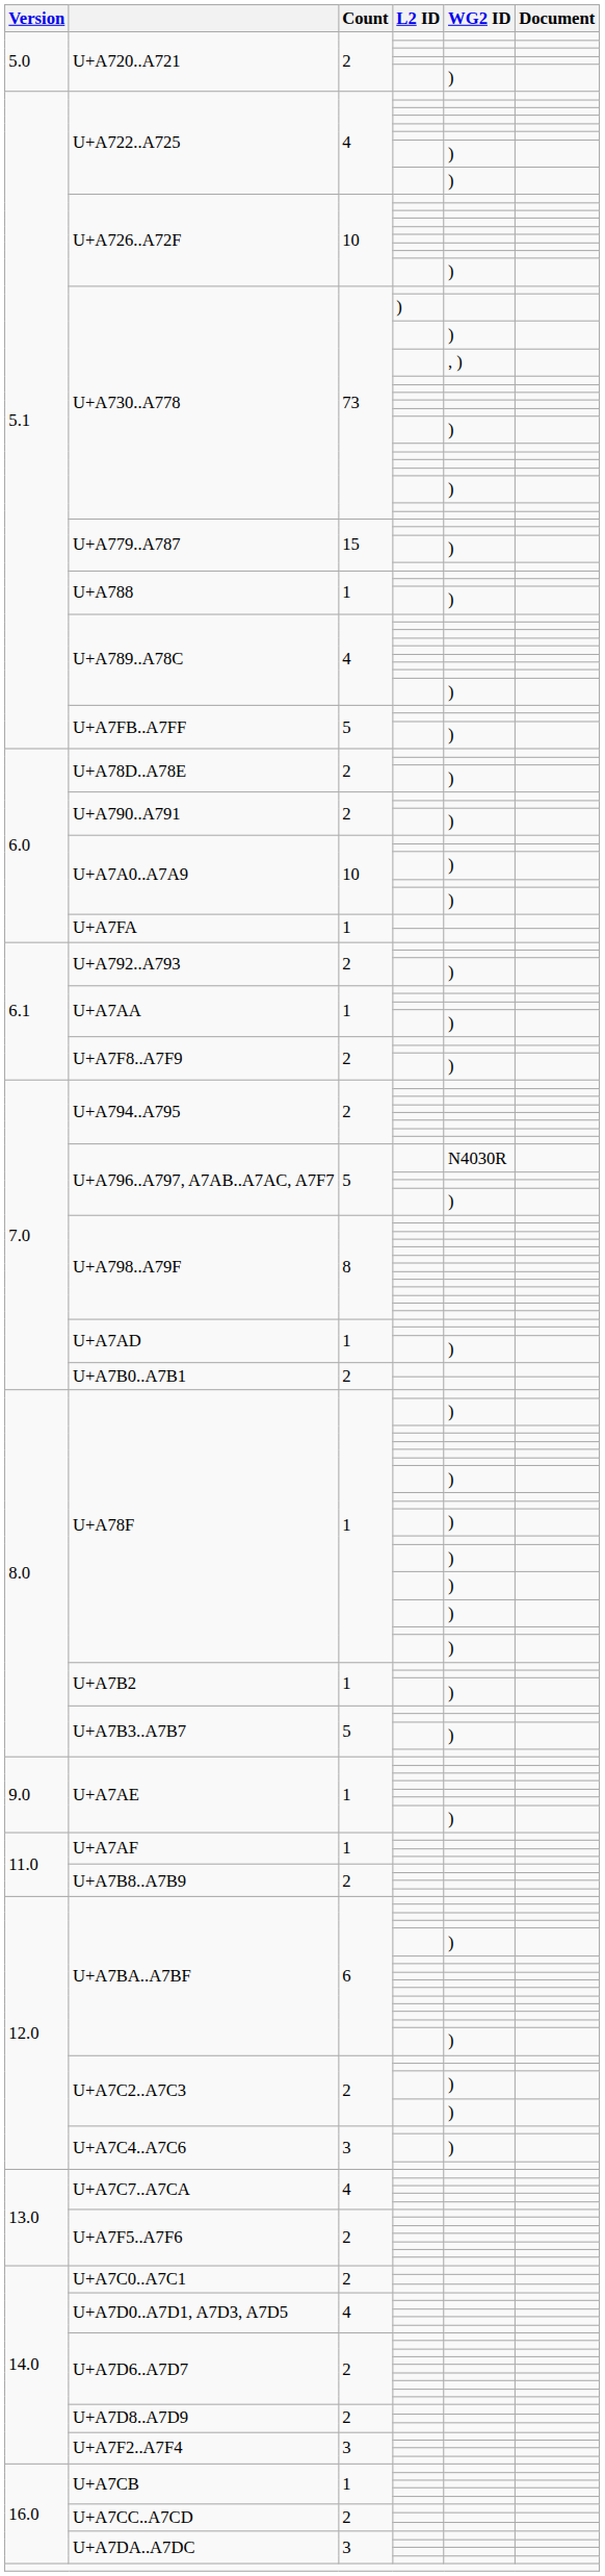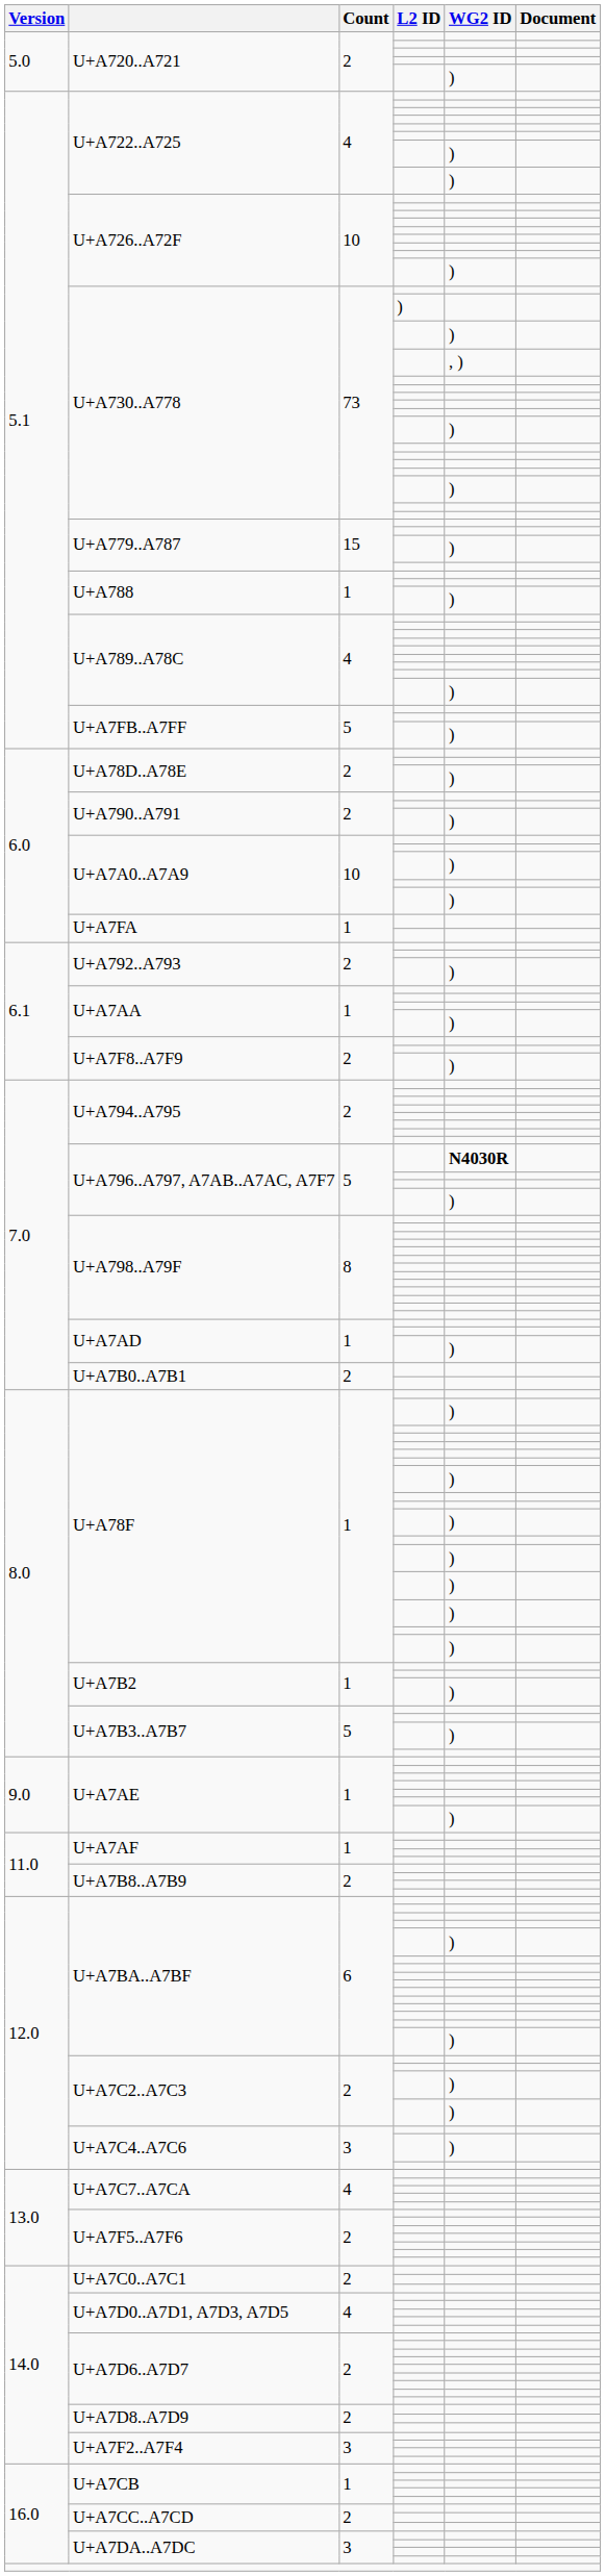 <table class="wikitable collapsible collapsed sticky-header">
 <tr>
 <th><a href='#'>Version</a></th>
 <th></th>
 <th>Count</th>
 <th><a href='#'>L2</a> ID</th>
 <th><a href='#'>WG2</a> ID</th>
 <th>Document</th>
 </tr>
 <tr>
 <td rowspan="5">5.0</td>
 <td rowspan="5">U+A720..A721</td>
 <td rowspan="5">2</td>
 <td></td>
 <td></td>
 <td></td>
 </tr>
 <tr>
 <td></td>
 <td></td>
 <td></td>
 </tr>
 <tr>
 <td></td>
 <td></td>
 <td></td>
 </tr>
 <tr>
 <td></td>
 <td></td>
 <td></td>
 </tr>
 <tr>
 <td></td>
 <td> )</td>
 <td></td>
 </tr>
 <tr>
 <td rowspan="53">5.1</td>
 <td rowspan="8">U+A722..A725</td>
 <td rowspan="8">4</td>
 <td></td>
 <td></td>
 <td></td>
 </tr>
 <tr>
 <td></td>
 <td></td>
 <td></td>
 </tr>
 <tr>
 <td></td>
 <td></td>
 <td></td>
 </tr>
 <tr>
 <td></td>
 <td></td>
 <td></td>
 </tr>
 <tr>
 <td></td>
 <td></td>
 <td></td>
 </tr>
 <tr>
 <td></td>
 <td></td>
 <td></td>
 </tr>
 <tr>
 <td></td>
 <td> )</td>
 <td></td>
 </tr>
 <tr>
 <td></td>
 <td> )</td>
 <td></td>
 </tr>
 <tr>
 <td rowspan="9">U+A726..A72F</td>
 <td rowspan="9">10</td>
 <td></td>
 <td></td>
 <td></td>
 </tr>
 <tr>
 <td></td>
 <td></td>
 <td></td>
 </tr>
 <tr>
 <td></td>
 <td></td>
 <td></td>
 </tr>
 <tr>
 <td></td>
 <td></td>
 <td></td>
 </tr>
 <tr>
 <td></td>
 <td></td>
 <td></td>
 </tr>
 <tr>
 <td></td>
 <td></td>
 <td></td>
 </tr>
 <tr>
 <td></td>
 <td></td>
 <td></td>
 </tr>
 <tr>
 <td></td>
 <td></td>
 <td></td>
 </tr>
 <tr>
 <td></td>
 <td> )</td>
 <td></td>
 </tr>
 <tr>
 <td rowspan="17">U+A730..A778</td>
 <td rowspan="17">73</td>
 <td></td>
 <td></td>
 <td></td>
 </tr>
 <tr>
 <td> )</td>
 <td></td>
 <td></td>
 </tr>
 <tr>
 <td></td>
 <td> )</td>
 <td></td>
 </tr>
 <tr>
 <td></td>
 <td> , )</td>
 <td></td>
 </tr>
 <tr>
 <td></td>
 <td></td>
 <td></td>
 </tr>
 <tr>
 <td></td>
 <td></td>
 <td></td>
 </tr>
 <tr>
 <td></td>
 <td></td>
 <td></td>
 </tr>
 <tr>
 <td></td>
 <td></td>
 <td></td>
 </tr>
 <tr>
 <td></td>
 <td></td>
 <td></td>
 </tr>
 <tr>
 <td></td>
 <td> )</td>
 <td></td>
 </tr>
 <tr>
 <td></td>
 <td></td>
 <td></td>
 </tr>
 <tr>
 <td></td>
 <td></td>
 <td></td>
 </tr>
 <tr>
 <td></td>
 <td></td>
 <td></td>
 </tr>
 <tr>
 <td></td>
 <td></td>
 <td></td>
 </tr>
 <tr>
 <td></td>
 <td> )</td>
 <td></td>
 </tr>
 <tr>
 <td></td>
 <td></td>
 <td></td>
 </tr>
 <tr>
 <td></td>
 <td></td>
 <td></td>
 </tr>
 <tr>
 <td rowspan="4">U+A779..A787</td>
 <td rowspan="4">15</td>
 <td></td>
 <td></td>
 <td></td>
 </tr>
 <tr>
 <td></td>
 <td></td>
 <td></td>
 </tr>
 <tr>
 <td></td>
 <td> )</td>
 <td></td>
 </tr>
 <tr>
 <td></td>
 <td></td>
 <td></td>
 </tr>
 <tr>
 <td rowspan="3">U+A788</td>
 <td rowspan="3">1</td>
 <td></td>
 <td></td>
 <td></td>
 </tr>
 <tr>
 <td></td>
 <td></td>
 <td></td>
 </tr>
 <tr>
 <td></td>
 <td> )</td>
 <td></td>
 </tr>
 <tr>
 <td rowspan="9">U+A789..A78C</td>
 <td rowspan="9">4</td>
 <td></td>
 <td></td>
 <td></td>
 </tr>
 <tr>
 <td></td>
 <td></td>
 <td></td>
 </tr>
 <tr>
 <td></td>
 <td></td>
 <td></td>
 </tr>
 <tr>
 <td></td>
 <td></td>
 <td></td>
 </tr>
 <tr>
 <td></td>
 <td></td>
 <td></td>
 </tr>
 <tr>
 <td></td>
 <td></td>
 <td></td>
 </tr>
 <tr>
 <td></td>
 <td></td>
 <td></td>
 </tr>
 <tr>
 <td></td>
 <td></td>
 <td></td>
 </tr>
 <tr>
 <td></td>
 <td> )</td>
 <td></td>
 </tr>
 <tr>
 <td rowspan="3">U+A7FB..A7FF</td>
 <td rowspan="3">5</td>
 <td></td>
 <td></td>
 <td></td>
 </tr>
 <tr>
 <td></td>
 <td></td>
 <td></td>
 </tr>
 <tr>
 <td></td>
 <td> )</td>
 <td></td>
 </tr>
 <tr>
 <td rowspan="13">6.0</td>
 <td rowspan="3">U+A78D..A78E</td>
 <td rowspan="3">2</td>
 <td></td>
 <td></td>
 <td></td>
 </tr>
 <tr>
 <td></td>
 <td></td>
 <td></td>
 </tr>
 <tr>
 <td></td>
 <td> )</td>
 <td></td>
 </tr>
 <tr>
 <td rowspan="3">U+A790..A791</td>
 <td rowspan="3">2</td>
 <td></td>
 <td></td>
 <td></td>
 </tr>
 <tr>
 <td></td>
 <td></td>
 <td></td>
 </tr>
 <tr>
 <td></td>
 <td> )</td>
 <td></td>
 </tr>
 <tr>
 <td rowspan="5">U+A7A0..A7A9</td>
 <td rowspan="5">10</td>
 <td></td>
 <td></td>
 <td></td>
 </tr>
 <tr>
 <td></td>
 <td></td>
 <td></td>
 </tr>
 <tr>
 <td></td>
 <td> )</td>
 <td></td>
 </tr>
 <tr>
 <td></td>
 <td></td>
 <td></td>
 </tr>
 <tr>
 <td></td>
 <td> )</td>
 <td></td>
 </tr>
 <tr>
 <td rowspan="2">U+A7FA</td>
 <td rowspan="2">1</td>
 <td></td>
 <td></td>
 <td></td>
 </tr>
 <tr>
 <td></td>
 <td></td>
 <td></td>
 </tr>
 <tr>
 <td rowspan="10">6.1</td>
 <td rowspan="3">U+A792..A793</td>
 <td rowspan="3">2</td>
 <td></td>
 <td></td>
 <td></td>
 </tr>
 <tr>
 <td></td>
 <td></td>
 <td></td>
 </tr>
 <tr>
 <td></td>
 <td> )</td>
 <td></td>
 </tr>
 <tr>
 <td rowspan="4">U+A7AA</td>
 <td rowspan="4">1</td>
 <td></td>
 <td></td>
 <td></td>
 </tr>
 <tr>
 <td></td>
 <td></td>
 <td></td>
 </tr>
 <tr>
 <td></td>
 <td></td>
 <td></td>
 </tr>
 <tr>
 <td></td>
 <td> )</td>
 <td></td>
 </tr>
 <tr>
 <td rowspan="3">U+A7F8..A7F9</td>
 <td rowspan="3">2</td>
 <td></td>
 <td></td>
 <td></td>
 </tr>
 <tr>
 <td></td>
 <td></td>
 <td></td>
 </tr>
 <tr>
 <td></td>
 <td> )</td>
 <td></td>
 </tr>
 <tr>
 <td rowspan="30">7.0</td>
 <td rowspan="8">U+A794..A795</td>
 <td rowspan="8">2</td>
 <td></td>
 <td></td>
 <td></td>
 </tr>
 <tr>
 <td></td>
 <td></td>
 <td></td>
 </tr>
 <tr>
 <td></td>
 <td></td>
 <td></td>
 </tr>
 <tr>
 <td></td>
 <td></td>
 <td></td>
 </tr>
 <tr>
 <td></td>
 <td></td>
 <td></td>
 </tr>
 <tr>
 <td></td>
 <td></td>
 <td></td>
 </tr>
 <tr>
 <td></td>
 <td></td>
 <td></td>
 </tr>
 <tr>
 <td></td>
 <td></td>
 <td></td>
 </tr>
 <tr>
 <td rowspan="4">U+A796..A797, A7AB..A7AC, A7F7</td>
 <td rowspan="4">5</td>
 <td></td>
-<td>N4030R</td>
+<td><strong>N4030R</strong></td>
 <td></td>
 </tr>
 <tr>
 <td></td>
 <td></td>
 <td></td>
 </tr>
 <tr>
 <td></td>
 <td></td>
 <td></td>
 </tr>
 <tr>
 <td></td>
 <td> )</td>
 <td></td>
 </tr>
 <tr>
 <td rowspan="13">U+A798..A79F</td>
 <td rowspan="13">8</td>
 <td></td>
 <td></td>
 <td></td>
 </tr>
 <tr>
 <td></td>
 <td></td>
 <td></td>
 </tr>
 <tr>
 <td></td>
 <td></td>
 <td></td>
 </tr>
 <tr>
 <td></td>
 <td></td>
 <td></td>
 </tr>
 <tr>
 <td></td>
 <td></td>
 <td></td>
 </tr>
 <tr>
 <td></td>
 <td></td>
 <td></td>
 </tr>
 <tr>
 <td></td>
 <td></td>
 <td></td>
 </tr>
 <tr>
 <td></td>
 <td></td>
 <td></td>
 </tr>
 <tr>
 <td></td>
 <td></td>
 <td></td>
 </tr>
 <tr>
 <td></td>
 <td></td>
 <td></td>
 </tr>
 <tr>
 <td></td>
 <td></td>
 <td></td>
 </tr>
 <tr>
 <td></td>
 <td></td>
 <td></td>
 </tr>
 <tr>
 <td></td>
 <td></td>
 <td></td>
 </tr>
 <tr>
 <td rowspan="3">U+A7AD</td>
 <td rowspan="3">1</td>
 <td></td>
 <td></td>
 <td></td>
 </tr>
 <tr>
 <td></td>
 <td></td>
 <td></td>
 </tr>
 <tr>
 <td></td>
 <td> )</td>
 <td></td>
 </tr>
 <tr>
 <td rowspan="2">U+A7B0..A7B1</td>
 <td rowspan="2">2</td>
 <td></td>
 <td></td>
 <td></td>
 </tr>
 <tr>
 <td></td>
 <td></td>
 <td></td>
 </tr>
 <tr>
 <td rowspan="24">8.0</td>
 <td rowspan="17">U+A78F</td>
 <td rowspan="17">1</td>
 <td></td>
 <td></td>
 <td></td>
 </tr>
 <tr>
 <td></td>
 <td> )</td>
 <td></td>
 </tr>
 <tr>
 <td></td>
 <td></td>
 <td></td>
 </tr>
 <tr>
 <td></td>
 <td></td>
 <td></td>
 </tr>
 <tr>
 <td></td>
 <td></td>
 <td></td>
 </tr>
 <tr>
 <td></td>
 <td></td>
 <td></td>
 </tr>
 <tr>
 <td></td>
 <td></td>
 <td></td>
 </tr>
 <tr>
 <td></td>
 <td> )</td>
 <td></td>
 </tr>
 <tr>
 <td></td>
 <td></td>
 <td></td>
 </tr>
 <tr>
 <td></td>
 <td></td>
 <td></td>
 </tr>
 <tr>
 <td></td>
 <td> )</td>
 <td></td>
 </tr>
 <tr>
 <td></td>
 <td></td>
 <td></td>
 </tr>
 <tr>
 <td></td>
 <td> )</td>
 <td></td>
 </tr>
 <tr>
 <td></td>
 <td> )</td>
 <td></td>
 </tr>
 <tr>
 <td></td>
 <td> )</td>
 <td></td>
 </tr>
 <tr>
 <td></td>
 <td></td>
 <td></td>
 </tr>
 <tr>
 <td></td>
 <td> )</td>
 <td></td>
 </tr>
 <tr>
 <td rowspan="3">U+A7B2</td>
 <td rowspan="3">1</td>
 <td></td>
 <td></td>
 <td></td>
 </tr>
 <tr>
 <td></td>
 <td></td>
 <td></td>
 </tr>
 <tr>
 <td></td>
 <td> )</td>
 <td></td>
 </tr>
 <tr>
 <td rowspan="4">U+A7B3..A7B7</td>
 <td rowspan="4">5</td>
 <td></td>
 <td></td>
 <td></td>
 </tr>
 <tr>
 <td></td>
 <td></td>
 <td></td>
 </tr>
 <tr>
 <td></td>
 <td> )</td>
 <td></td>
 </tr>
 <tr>
 <td></td>
 <td></td>
 <td></td>
 </tr>
 <tr>
 <td rowspan="7">9.0</td>
 <td rowspan="7">U+A7AE</td>
 <td rowspan="7">1</td>
 <td></td>
 <td></td>
 <td></td>
 </tr>
 <tr>
 <td></td>
 <td></td>
 <td></td>
 </tr>
 <tr>
 <td></td>
 <td></td>
 <td></td>
 </tr>
 <tr>
 <td></td>
 <td></td>
 <td></td>
 </tr>
 <tr>
 <td></td>
 <td></td>
 <td></td>
 </tr>
 <tr>
 <td></td>
 <td></td>
 <td></td>
 </tr>
 <tr>
 <td></td>
 <td> )</td>
 <td></td>
 </tr>
 <tr>
 <td rowspan="8">11.0</td>
 <td rowspan="4">U+A7AF</td>
 <td rowspan="4">1</td>
 <td></td>
 <td></td>
 <td></td>
 </tr>
 <tr>
 <td></td>
 <td></td>
 <td></td>
 </tr>
 <tr>
 <td></td>
 <td></td>
 <td></td>
 </tr>
 <tr>
 <td></td>
 <td></td>
 <td></td>
 </tr>
 <tr>
 <td rowspan="4">U+A7B8..A7B9</td>
 <td rowspan="4">2</td>
 <td></td>
 <td></td>
 <td></td>
 </tr>
 <tr>
 <td></td>
 <td></td>
 <td></td>
 </tr>
 <tr>
 <td></td>
 <td></td>
 <td></td>
 </tr>
 <tr>
 <td></td>
 <td></td>
 <td></td>
 </tr>
 <tr>
 <td rowspan="22">12.0</td>
 <td rowspan="15">U+A7BA..A7BF</td>
 <td rowspan="15">6</td>
 <td></td>
 <td></td>
 <td></td>
 </tr>
 <tr>
 <td></td>
 <td></td>
 <td></td>
 </tr>
 <tr>
 <td></td>
 <td></td>
 <td></td>
 </tr>
 <tr>
 <td></td>
 <td></td>
 <td></td>
 </tr>
 <tr>
 <td></td>
 <td> )</td>
 <td></td>
 </tr>
 <tr>
 <td></td>
 <td></td>
 <td></td>
 </tr>
 <tr>
 <td></td>
 <td></td>
 <td></td>
 </tr>
 <tr>
 <td></td>
 <td></td>
 <td></td>
 </tr>
 <tr>
 <td></td>
 <td></td>
 <td></td>
 </tr>
 <tr>
 <td></td>
 <td></td>
 <td></td>
 </tr>
 <tr>
 <td></td>
 <td></td>
 <td></td>
 </tr>
 <tr>
 <td></td>
 <td></td>
 <td></td>
 </tr>
 <tr>
 <td></td>
 <td></td>
 <td></td>
 </tr>
 <tr>
 <td></td>
 <td></td>
 <td></td>
 </tr>
 <tr>
 <td></td>
 <td> )</td>
 <td></td>
 </tr>
 <tr>
 <td rowspan="4">U+A7C2..A7C3</td>
 <td rowspan="4">2</td>
 <td></td>
 <td></td>
 <td></td>
 </tr>
 <tr>
 <td></td>
 <td></td>
 <td></td>
 </tr>
 <tr>
 <td></td>
 <td> )</td>
 <td></td>
 </tr>
 <tr>
 <td></td>
 <td> )</td>
 <td></td>
 </tr>
 <tr>
 <td rowspan="3">U+A7C4..A7C6</td>
 <td rowspan="3">3</td>
 <td></td>
 <td></td>
 <td></td>
 </tr>
 <tr>
 <td></td>
 <td> )</td>
 <td></td>
 </tr>
 <tr>
 <td></td>
 <td></td>
 <td></td>
 </tr>
 <tr>
 <td rowspan="12">13.0</td>
 <td rowspan="5">U+A7C7..A7CA</td>
 <td rowspan="5">4</td>
 <td></td>
 <td></td>
 <td></td>
 </tr>
 <tr>
 <td></td>
 <td></td>
 <td></td>
 </tr>
 <tr>
 <td></td>
 <td></td>
 <td></td>
 </tr>
 <tr>
 <td></td>
 <td></td>
 <td></td>
 </tr>
 <tr>
 <td></td>
 <td></td>
 <td></td>
 </tr>
 <tr>
 <td rowspan="7">U+A7F5..A7F6</td>
 <td rowspan="7">2</td>
 <td></td>
 <td></td>
 <td></td>
 </tr>
 <tr>
 <td></td>
 <td></td>
 <td></td>
 </tr>
 <tr>
 <td></td>
 <td></td>
 <td></td>
 </tr>
 <tr>
 <td></td>
 <td></td>
 <td></td>
 </tr>
 <tr>
 <td></td>
 <td></td>
 <td></td>
 </tr>
 <tr>
 <td></td>
 <td></td>
 <td></td>
 </tr>
 <tr>
 <td></td>
 <td></td>
 <td></td>
 </tr>
 <tr>
 <td rowspan="24">14.0</td>
 <td rowspan="3">U+A7C0..A7C1</td>
 <td rowspan="3">2</td>
 <td></td>
 <td></td>
 <td></td>
 </tr>
 <tr>
 <td></td>
 <td></td>
 <td></td>
 </tr>
 <tr>
 <td></td>
 <td></td>
 <td></td>
 </tr>
 <tr>
 <td rowspan="5">U+A7D0..A7D1, A7D3, A7D5</td>
 <td rowspan="5">4</td>
 <td></td>
 <td></td>
 <td></td>
 </tr>
 <tr>
 <td></td>
 <td></td>
 <td></td>
 </tr>
 <tr>
 <td></td>
 <td></td>
 <td></td>
 </tr>
 <tr>
 <td></td>
 <td></td>
 <td></td>
 </tr>
 <tr>
 <td></td>
 <td></td>
 <td></td>
 </tr>
 <tr>
 <td rowspan="9">U+A7D6..A7D7</td>
 <td rowspan="9">2</td>
 <td></td>
 <td></td>
 <td></td>
 </tr>
 <tr>
 <td></td>
 <td></td>
 <td></td>
 </tr>
 <tr>
 <td></td>
 <td></td>
 <td></td>
 </tr>
 <tr>
 <td></td>
 <td></td>
 <td></td>
 </tr>
 <tr>
 <td></td>
 <td></td>
 <td></td>
 </tr>
 <tr>
 <td></td>
 <td></td>
 <td></td>
 </tr>
 <tr>
 <td></td>
 <td></td>
 <td></td>
 </tr>
 <tr>
 <td></td>
 <td></td>
 <td></td>
 </tr>
 <tr>
 <td></td>
 <td></td>
 <td></td>
 </tr>
 <tr>
 <td rowspan="3">U+A7D8..A7D9</td>
 <td rowspan="3">2</td>
 <td></td>
 <td></td>
 <td></td>
 </tr>
 <tr>
 <td></td>
 <td></td>
 <td></td>
 </tr>
 <tr>
 <td></td>
 <td></td>
 <td></td>
 </tr>
 <tr>
 <td rowspan="4">U+A7F2..A7F4</td>
 <td rowspan="4">3</td>
 <td></td>
 <td></td>
 <td></td>
 </tr>
 <tr>
 <td></td>
 <td></td>
 <td></td>
 </tr>
 <tr>
 <td></td>
 <td></td>
 <td></td>
 </tr>
 <tr>
 <td></td>
 <td></td>
 <td></td>
 </tr>
 <tr>
 <td rowspan="12">16.0</td>
 <td rowspan="5">U+A7CB</td>
 <td rowspan="5">1</td>
 <td></td>
 <td></td>
 <td></td>
 </tr>
 <tr>
 <td></td>
 <td></td>
 <td></td>
 </tr>
 <tr>
 <td></td>
 <td></td>
 <td></td>
 </tr>
 <tr>
 <td></td>
 <td></td>
 <td></td>
 </tr>
 <tr>
 <td></td>
 <td></td>
 <td></td>
 </tr>
 <tr>
 <td rowspan="3">U+A7CC..A7CD</td>
 <td rowspan="3">2</td>
 <td></td>
 <td></td>
 <td></td>
 </tr>
 <tr>
 <td></td>
 <td></td>
 <td></td>
 </tr>
 <tr>
 <td></td>
 <td></td>
 <td></td>
 </tr>
 <tr>
 <td rowspan="4">U+A7DA..A7DC</td>
 <td rowspan="4">3</td>
 <td></td>
 <td></td>
 <td></td>
 </tr>
 <tr>
 <td></td>
 <td></td>
 <td></td>
 </tr>
 <tr>
 <td></td>
 <td></td>
 <td></td>
 </tr>
 <tr>
 <td></td>
 <td></td>
 <td></td>
 </tr>
 <tr class="sortbottom">
 <td colspan="6"></td>
 </tr>
 </table>
